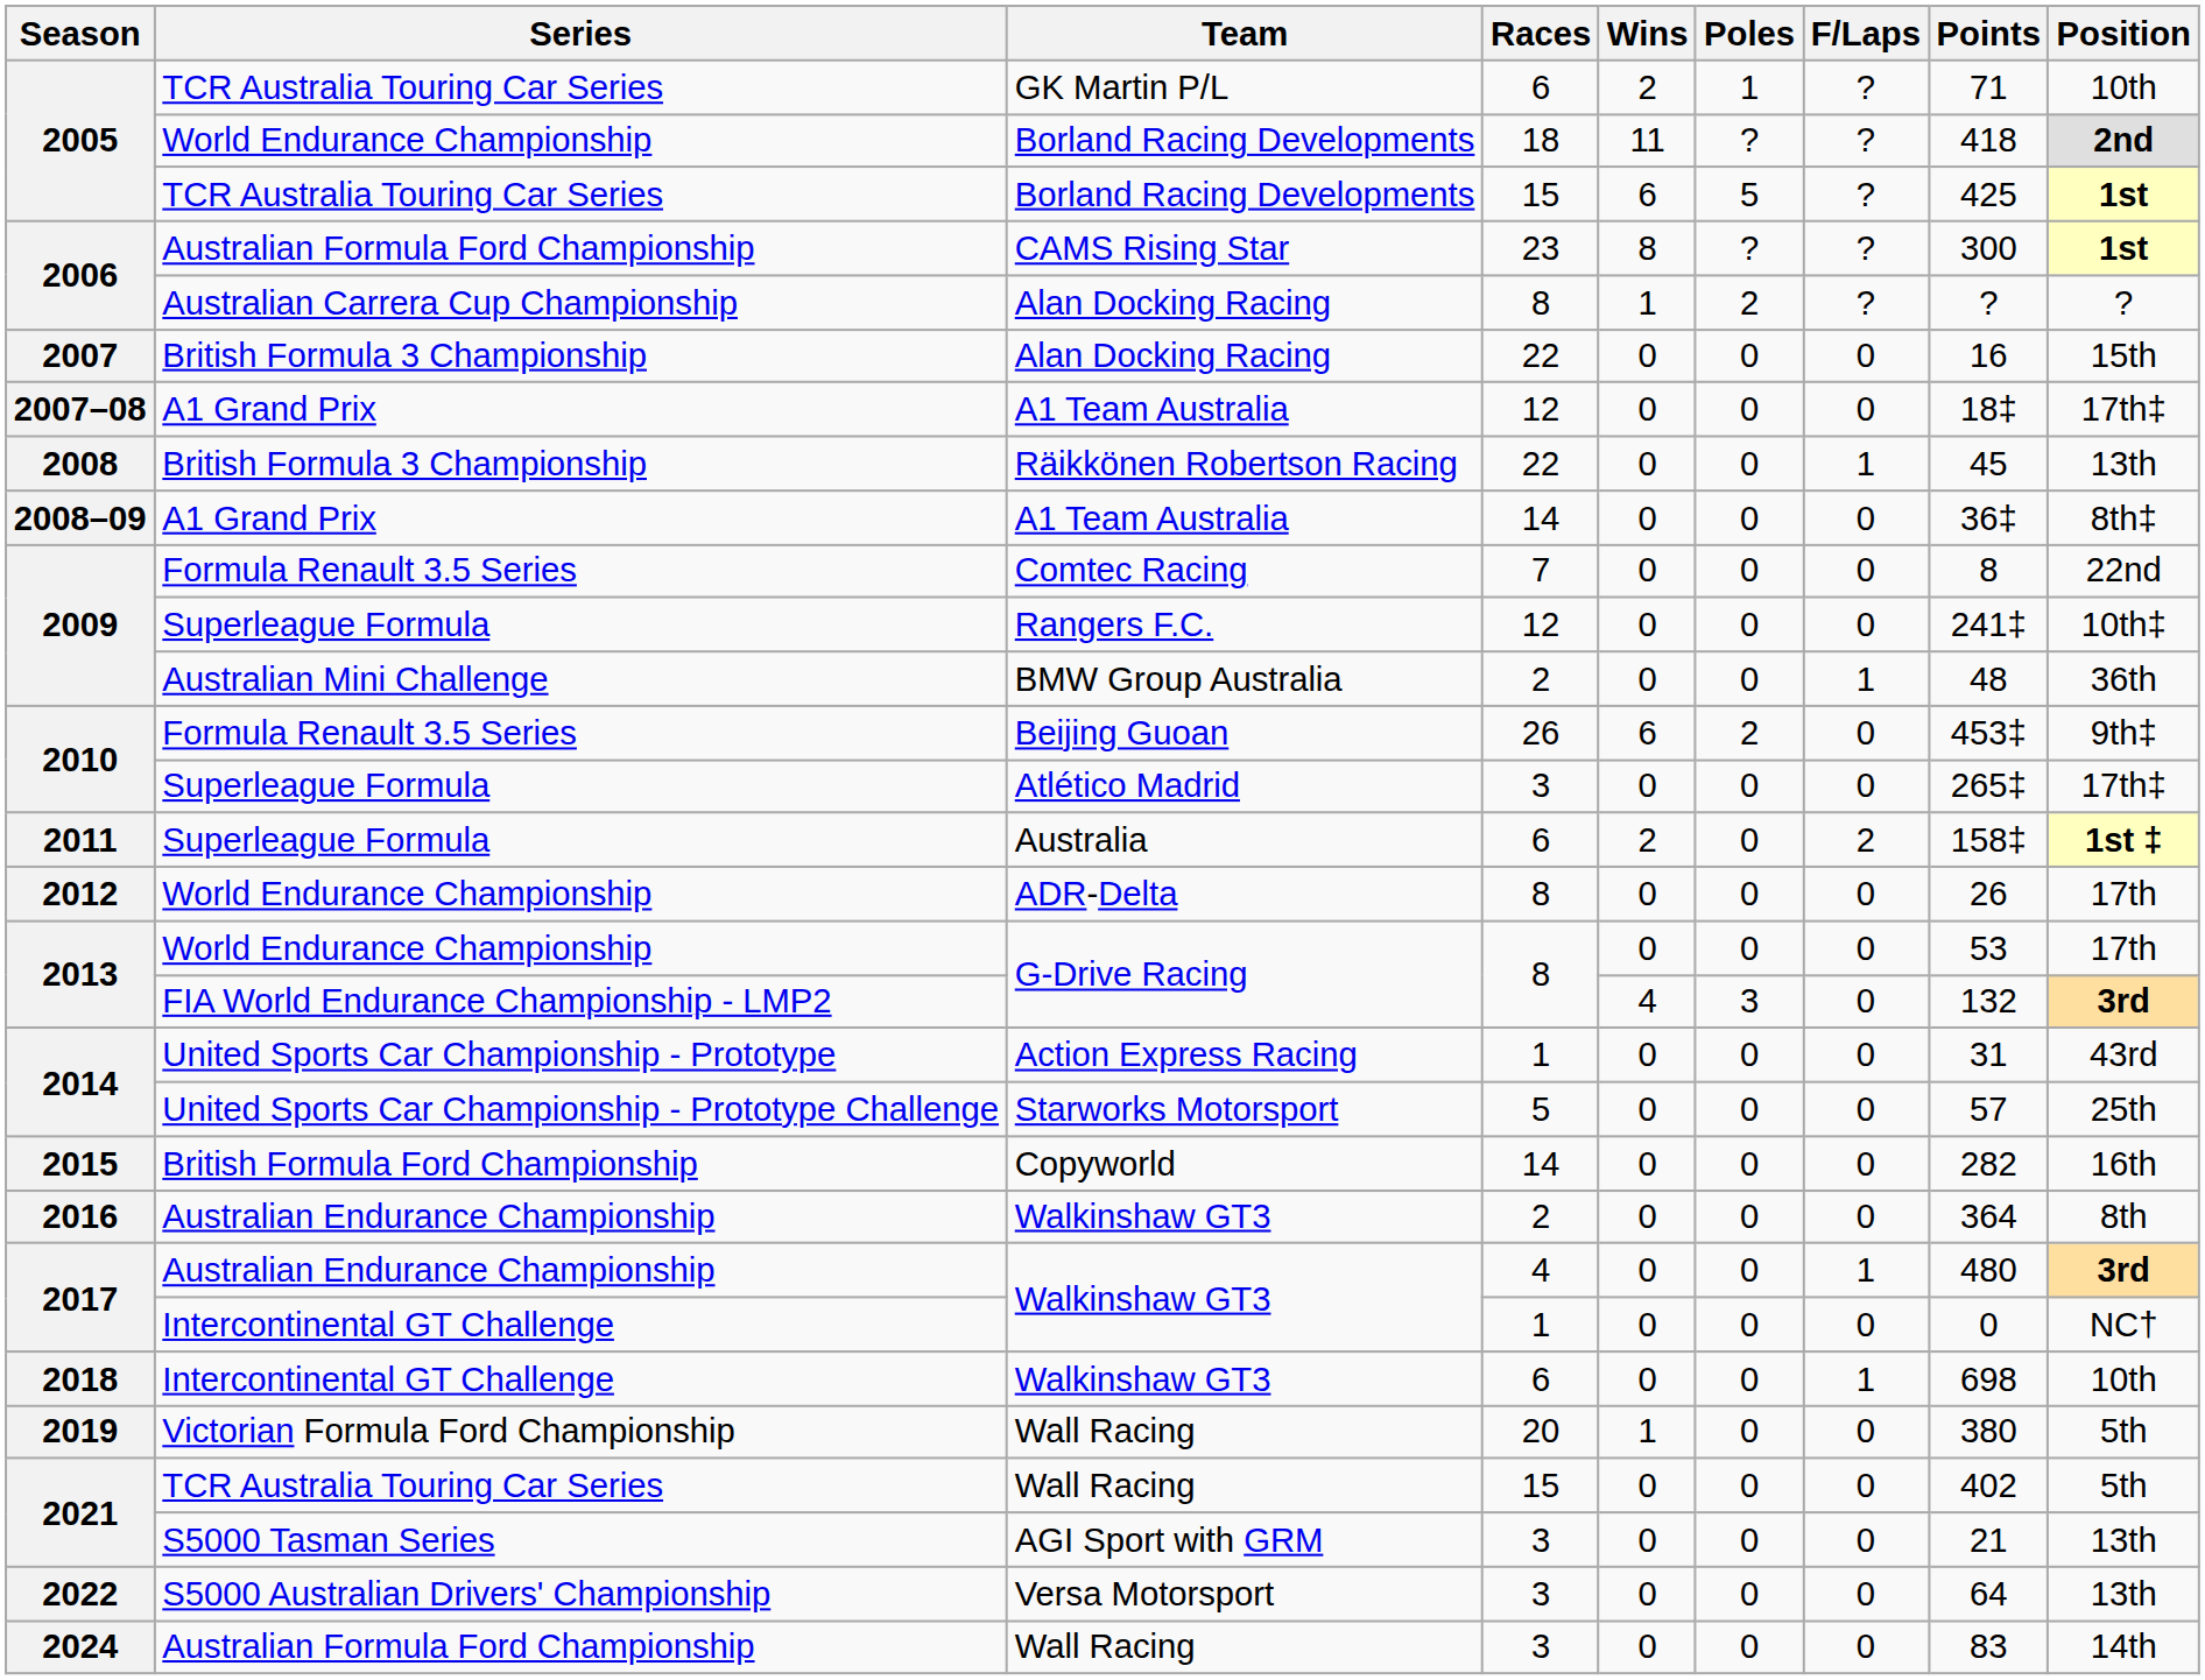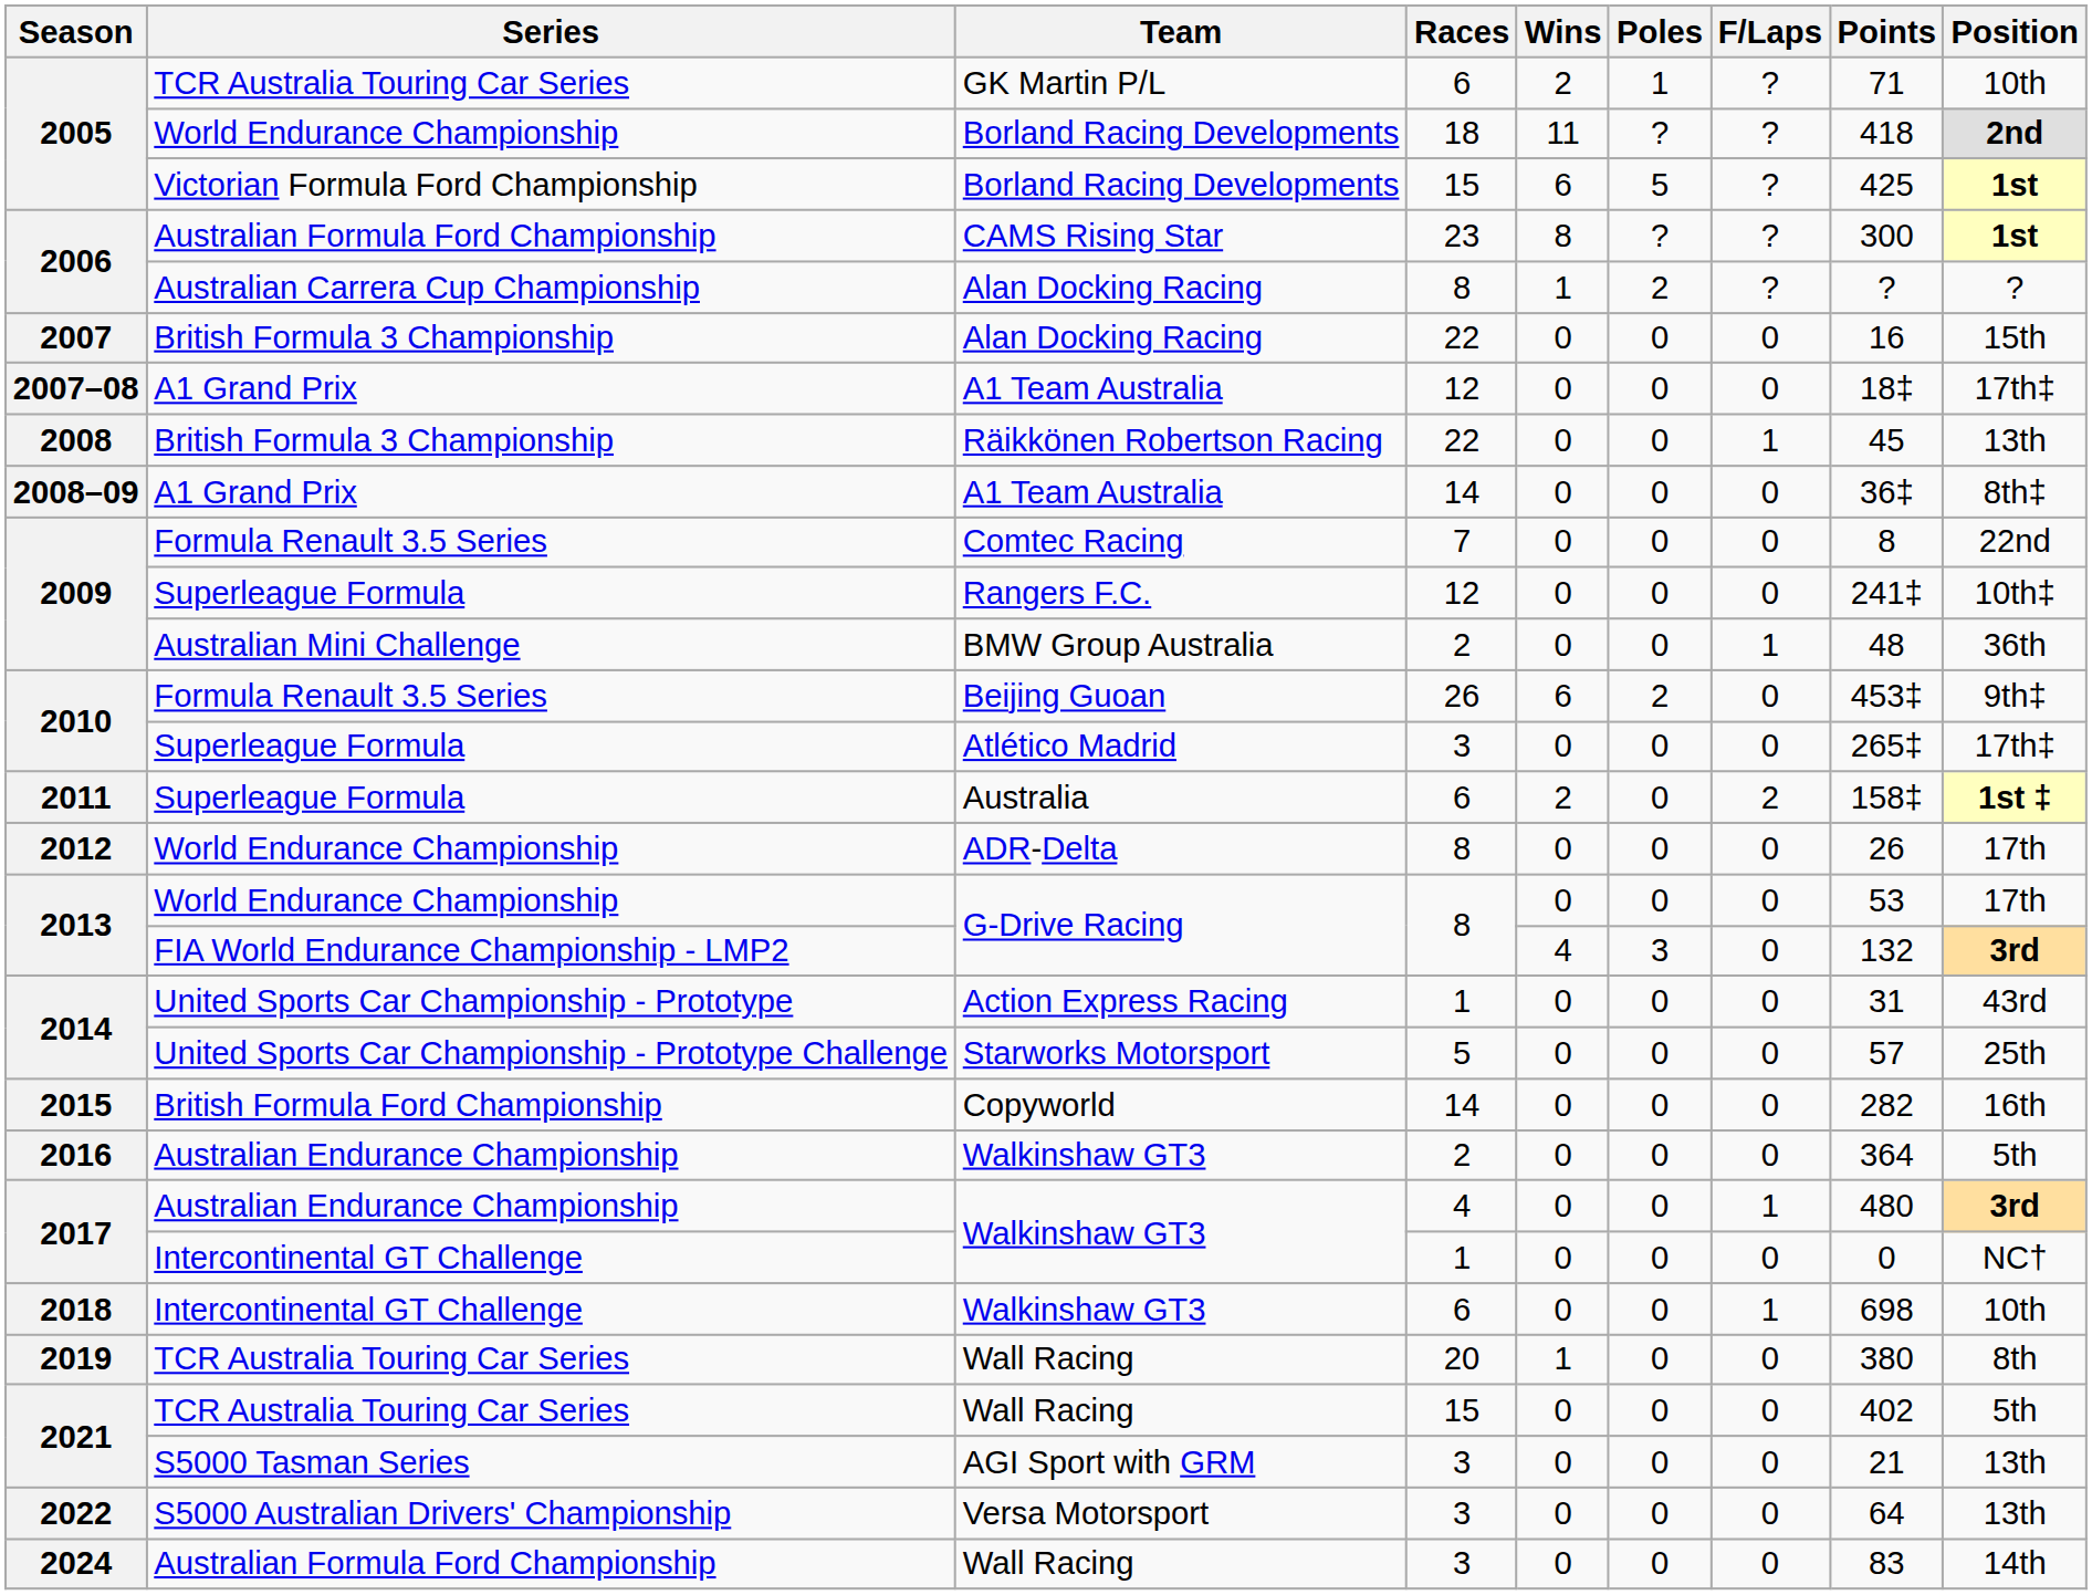 <table class="wikitable" style="font-size: 90%; text-align:center">
 <tr>
 <th>Season</th>
 <th>Series</th>
 <th>Team</th>
 <th>Races</th>
 <th>Wins</th>
 <th>Poles</th>
 <th>F/Laps</th>
 <th>Points</th>
 <th>Position</th>
 </tr>
 <tr>
 <th rowspan=3>2005</th>
 <td align=left><a href='#'>TCR Australia Touring Car Series</a></td>
 <td align=left>GK Martin P/L</td>
 <td>6</td>
 <td>2</td>
 <td>1</td>
 <td>?</td>
 <td>71</td>
 <td>10th</td>
 </tr>
 <tr>
 <td align=left><a href='#'>World Endurance Championship</a></td>
 <td align=left><a href='#'>Borland Racing Developments</a></td>
 <td>18</td>
 <td>11</td>
 <td>?</td>
 <td>?</td>
 <td>418</td>
 <td style="background:#dfdfdf"><strong>2nd</strong></td>
 </tr>
 <tr>
-<td align=left><a href='#'>TCR Australia Touring Car Series</a></td>
+<td align=left><a href='#'>Victorian</a> Formula Ford Championship</td>
 <td align=left><a href='#'>Borland Racing Developments</a></td>
 <td>15</td>
 <td>6</td>
 <td>5</td>
 <td>?</td>
 <td>425</td>
 <td style="background:#FFFFBF"><strong>1st</strong></td>
 </tr>
 <tr>
 <th rowspan=2>2006</th>
 <td align=left><a href='#'>Australian Formula Ford Championship</a></td>
 <td align=left><a href='#'>CAMS Rising Star</a></td>
 <td>23</td>
 <td>8</td>
 <td>?</td>
 <td>?</td>
 <td>300</td>
 <td style="background:#FFFFBF"><strong>1st</strong></td>
 </tr>
 <tr>
 <td align=left><a href='#'>Australian Carrera Cup Championship</a></td>
 <td align=left><a href='#'>Alan Docking Racing</a></td>
 <td>8</td>
 <td>1</td>
 <td>2</td>
 <td>?</td>
 <td>?</td>
 <td>?</td>
 </tr>
 <tr>
 <th>2007</th>
 <td align=left><a href='#'>British Formula 3 Championship</a></td>
 <td align=left><a href='#'>Alan Docking Racing</a></td>
 <td>22</td>
 <td>0</td>
 <td>0</td>
 <td>0</td>
 <td>16</td>
 <td>15th</td>
 </tr>
 <tr>
 <th>2007–08</th>
 <td align=left><a href='#'>A1 Grand Prix</a></td>
 <td align=left><a href='#'>A1 Team Australia</a></td>
 <td>12</td>
 <td>0</td>
 <td>0</td>
 <td>0</td>
 <td>18‡</td>
 <td>17th‡</td>
 </tr>
 <tr>
 <th>2008</th>
 <td align=left><a href='#'>British Formula 3 Championship</a></td>
 <td align=left><a href='#'>Räikkönen Robertson Racing</a></td>
 <td>22</td>
 <td>0</td>
 <td>0</td>
 <td>1</td>
 <td>45</td>
 <td>13th</td>
 </tr>
 <tr>
 <th>2008–09</th>
 <td align=left><a href='#'>A1 Grand Prix</a></td>
 <td align=left><a href='#'>A1 Team Australia</a></td>
 <td>14</td>
 <td>0</td>
 <td>0</td>
 <td>0</td>
 <td>36‡</td>
 <td>8th‡</td>
 </tr>
 <tr>
 <th rowspan=3>2009</th>
 <td align=left><a href='#'>Formula Renault 3.5 Series</a></td>
 <td align=left><a href='#'>Comtec Racing</a></td>
 <td>7</td>
 <td>0</td>
 <td>0</td>
 <td>0</td>
 <td>8</td>
 <td>22nd</td>
 </tr>
 <tr>
 <td align=left><a href='#'>Superleague Formula</a></td>
 <td align=left><a href='#'>Rangers F.C.</a></td>
 <td>12</td>
 <td>0</td>
 <td>0</td>
 <td>0</td>
 <td>241‡</td>
 <td>10th‡</td>
 </tr>
 <tr>
 <td align=left><a href='#'>Australian Mini Challenge</a></td>
 <td align=left>BMW Group Australia</td>
 <td>2</td>
 <td>0</td>
 <td>0</td>
 <td>1</td>
 <td>48</td>
 <td>36th</td>
 </tr>
 <tr>
 <th rowspan=2>2010</th>
 <td align=left><a href='#'>Formula Renault 3.5 Series</a></td>
 <td align=left><a href='#'>Beijing Guoan</a></td>
 <td>26</td>
 <td>6</td>
 <td>2</td>
 <td>0</td>
 <td>453‡</td>
 <td>9th‡</td>
 </tr>
 <tr>
 <td align=left><a href='#'>Superleague Formula</a></td>
 <td align=left><a href='#'>Atlético Madrid</a></td>
 <td>3</td>
 <td>0</td>
 <td>0</td>
 <td>0</td>
 <td>265‡</td>
 <td>17th‡</td>
 </tr>
 <tr>
 <th>2011</th>
 <td align=left><a href='#'>Superleague Formula</a></td>
 <td align=left>Australia</td>
 <td>6</td>
 <td>2</td>
 <td>0</td>
 <td>2</td>
 <td>158‡</td>
 <td style="background:#FFFFBF"><strong>1st ‡</strong></td>
 </tr>
 <tr>
 <th>2012</th>
 <td align=left><a href='#'>World Endurance Championship</a></td>
 <td align=left><a href='#'>ADR</a>-<a href='#'>Delta</a></td>
 <td>8</td>
 <td>0</td>
 <td>0</td>
 <td>0</td>
 <td>26</td>
 <td>17th</td>
 </tr>
 <tr>
 <th rowspan=2>2013</th>
 <td align=left><a href='#'>World Endurance Championship</a></td>
 <td rowspan=2 align=left><a href='#'>G-Drive Racing</a></td>
 <td rowspan=2>8</td>
 <td>0</td>
 <td>0</td>
 <td>0</td>
 <td>53</td>
 <td>17th</td>
 </tr>
 <tr>
 <td align=left><a href='#'>FIA World Endurance Championship - LMP2</a></td>
 <td>4</td>
 <td>3</td>
 <td>0</td>
 <td>132</td>
 <td style="background:#FFDF9F"><strong>3rd</strong></td>
 </tr>
 <tr>
 <th rowspan=2>2014</th>
 <td align=left><a href='#'>United Sports Car Championship - Prototype</a></td>
 <td align=left><a href='#'>Action Express Racing</a></td>
 <td>1</td>
 <td>0</td>
 <td>0</td>
 <td>0</td>
 <td>31</td>
 <td>43rd</td>
 </tr>
 <tr>
 <td align=left><a href='#'>United Sports Car Championship - Prototype Challenge</a></td>
 <td align=left><a href='#'>Starworks Motorsport</a></td>
 <td>5</td>
 <td>0</td>
 <td>0</td>
 <td>0</td>
 <td>57</td>
 <td>25th</td>
 </tr>
 <tr>
 <th>2015</th>
 <td align=left><a href='#'>British Formula Ford Championship</a></td>
 <td align=left>Copyworld</td>
 <td>14</td>
 <td>0</td>
 <td>0</td>
 <td>0</td>
 <td>282</td>
 <td>16th</td>
 </tr>
 <tr>
 <th>2016</th>
 <td align=left><a href='#'>Australian Endurance Championship</a></td>
 <td align=left><a href='#'>Walkinshaw GT3</a></td>
 <td>2</td>
 <td>0</td>
 <td>0</td>
 <td>0</td>
 <td>364</td>
-<td>8th</td>
+<td>5th</td>
 </tr>
 <tr>
 <th rowspan="2">2017</th>
 <td align=left><a href='#'>Australian Endurance Championship</a></td>
 <td rowspan="2" align="left"><a href='#'>Walkinshaw GT3</a></td>
 <td>4</td>
 <td>0</td>
 <td>0</td>
 <td>1</td>
 <td>480</td>
 <td style="background:#FFDF9F"><strong>3rd</strong></td>
 </tr>
 <tr>
 <td align=left><a href='#'>Intercontinental GT Challenge</a></td>
 <td>1</td>
 <td>0</td>
 <td>0</td>
 <td>0</td>
 <td>0</td>
 <td>NC†</td>
 </tr>
 <tr>
 <th>2018</th>
 <td align=left><a href='#'>Intercontinental GT Challenge</a></td>
 <td align=left><a href='#'>Walkinshaw GT3</a></td>
 <td>6</td>
 <td>0</td>
 <td>0</td>
 <td>1</td>
 <td>698</td>
 <td>10th</td>
 </tr>
 <tr>
 <th>2019</th>
-<td align=left><a href='#'>Victorian</a> Formula Ford Championship</td>
+<td align=left><a href='#'>TCR Australia Touring Car Series</a></td>
 <td align=left>Wall Racing</td>
 <td>20</td>
 <td>1</td>
 <td>0</td>
 <td>0</td>
 <td>380</td>
-<td>5th</td>
+<td>8th</td>
 </tr>
 <tr>
 <th rowspan=2>2021</th>
 <td align=left><a href='#'>TCR Australia Touring Car Series</a></td>
 <td align=left>Wall Racing</td>
 <td>15</td>
 <td>0</td>
 <td>0</td>
 <td>0</td>
 <td>402</td>
 <td>5th</td>
 </tr>
 <tr>
 <td align=left><a href='#'>S5000 Tasman Series</a></td>
 <td align=left>AGI Sport with <a href='#'>GRM</a></td>
 <td>3</td>
 <td>0</td>
 <td>0</td>
 <td>0</td>
 <td>21</td>
 <td>13th</td>
 </tr>
 <tr>
 <th>2022</th>
 <td align=left><a href='#'>S5000 Australian Drivers' Championship</a></td>
 <td align=left>Versa Motorsport</td>
 <td>3</td>
 <td>0</td>
 <td>0</td>
 <td>0</td>
 <td>64</td>
 <td>13th</td>
 </tr>
 <tr>
 <th>2024</th>
 <td align=left><a href='#'>Australian Formula Ford Championship</a></td>
 <td align=left>Wall Racing</td>
 <td>3</td>
 <td>0</td>
 <td>0</td>
 <td>0</td>
 <td>83</td>
 <td>14th</td>
 </tr>
 </table>
